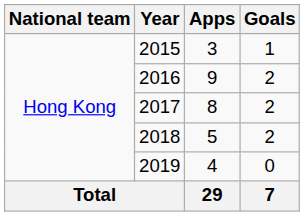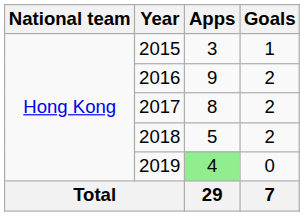 <table class="wikitable" style="text-align:center">
 <tr>
 <th>National team</th>
 <th>Year</th>
 <th>Apps</th>
 <th>Goals</th>
 </tr>
 <tr>
 <td rowspan="5"><a href='#'>Hong Kong</a></td>
 <td>2015</td>
 <td>3</td>
 <td>1</td>
 </tr>
 <tr>
 <td>2016</td>
 <td>9</td>
 <td>2</td>
 </tr>
 <tr>
 <td>2017</td>
 <td>8</td>
 <td>2</td>
 </tr>
 <tr>
 <td>2018</td>
 <td>5</td>
 <td>2</td>
 </tr>
 <tr>
 <td>2019</td>
-<td>4</td>
+<td style="background: lightgreen;">4</td>
 <td>0</td>
 </tr>
 <tr>
 <th colspan=2>Total</th>
 <th>29</th>
 <th>7</th>
 </tr>
 </table>
